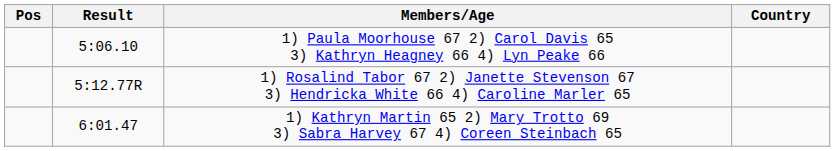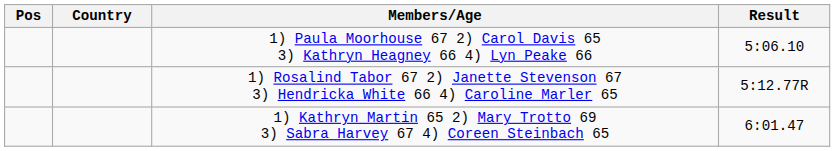 <table class="wikitable"  style="text-align:center; width:60%;">
 <tr>
 <th>Pos</th>
+<th>Country</th>
+<th>Members/Age</th>
 <th>Result</th>
-<th>Members/Age</th>
-<th>Country</th>
 </tr>
 <tr>
 <td align=center></td>
+<td align=left></td>
+<td>1) <a href='#'>Paula Moorhouse</a> 67 2) <a href='#'>Carol Davis</a> 65<br>3) <a href='#'>Kathryn Heagney</a> 66 4) <a href='#'>Lyn Peake</a> 66</td>
 <td>5:06.10</td>
-<td>1) <a href='#'>Paula Moorhouse</a> 67 2) <a href='#'>Carol Davis</a> 65<br>3) <a href='#'>Kathryn Heagney</a> 66 4) <a href='#'>Lyn Peake</a> 66</td>
-<td align=left></td>
 </tr>
 <tr>
 <td align=center></td>
+<td align=left></td>
+<td>1) <a href='#'>Rosalind Tabor</a> 67 2) <a href='#'>Janette Stevenson</a> 67<br>3) <a href='#'>Hendricka White</a> 66 4) <a href='#'>Caroline Marler</a> 65</td>
 <td>5:12.77R</td>
-<td>1) <a href='#'>Rosalind Tabor</a> 67 2) <a href='#'>Janette Stevenson</a> 67<br>3) <a href='#'>Hendricka White</a> 66 4) <a href='#'>Caroline Marler</a> 65</td>
-<td align=left></td>
 </tr>
 <tr>
 <td align=center></td>
+<td align=left></td>
+<td>1) <a href='#'>Kathryn Martin</a> 65 2) <a href='#'>Mary Trotto</a> 69<br>3) <a href='#'>Sabra Harvey</a> 67 4) <a href='#'>Coreen Steinbach</a> 65</td>
 <td>6:01.47</td>
-<td>1) <a href='#'>Kathryn Martin</a> 65 2) <a href='#'>Mary Trotto</a> 69<br>3) <a href='#'>Sabra Harvey</a> 67 4) <a href='#'>Coreen Steinbach</a> 65</td>
-<td align=left></td>
 </tr>
 </table>
